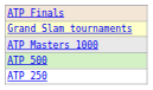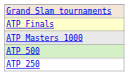 <table class="wikitable nowrap" style="font-size:90%; width:14%;">
 <tr>
 </tr>
 <tr style="background:#f3e6d7;">
-<td><a href='#'>ATP Finals</a></td>
+<td><a href='#'>Grand Slam tournaments</a></td>
 </tr>
 <tr style="background:#ffc;">
-<td><a href='#'>Grand Slam tournaments</a></td>
+<td><a href='#'>ATP Finals</a></td>
 </tr>
 <tr style="background:#e9e9e9;">
 <td><a href='#'>ATP Masters 1000</a></td>
 </tr>
 <tr style="background:#d4f1c5;">
 <td><a href='#'>ATP 500</a></td>
 </tr>
 <tr style="background:#fff;">
 <td><a href='#'>ATP 250</a></td>
 </tr>
 </table>
